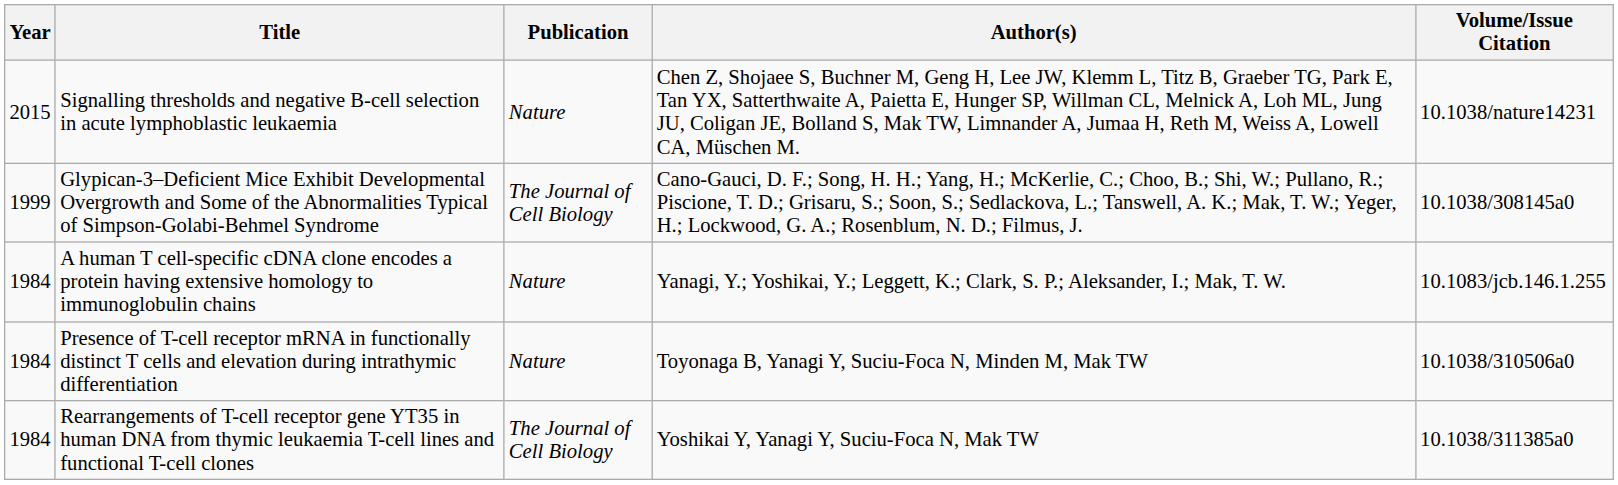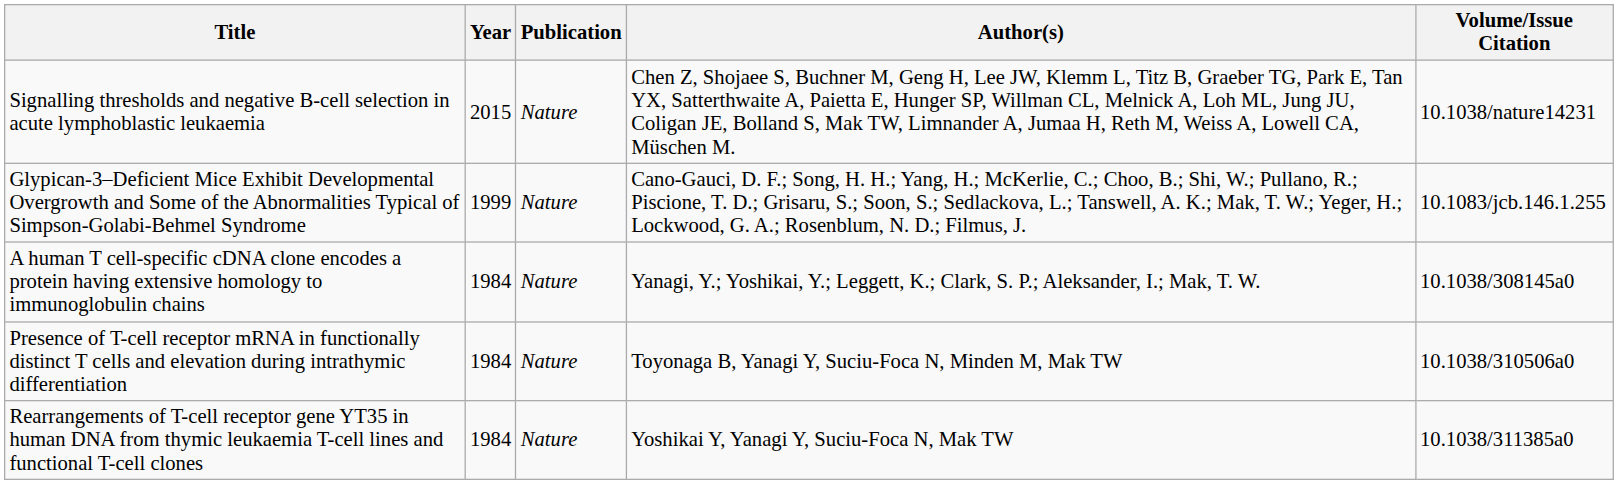 <table class=wikitable>
 <tr>
+<th>Title</th>
 <th>Year</th>
-<th>Title</th>
 <th>Publication</th>
 <th>Author(s)</th>
 <th>Volume/Issue Citation</th>
 </tr>
 <tr>
+<td>Signalling thresholds and negative B-cell selection in acute lymphoblastic leukaemia</td>
 <td>2015</td>
-<td>Signalling thresholds and negative B-cell selection in acute lymphoblastic leukaemia</td>
 <td><em>Nature</em></td>
 <td>Chen Z, Shojaee S, Buchner M, Geng H, Lee JW, Klemm L, Titz B, Graeber TG, Park E, Tan YX, Satterthwaite A, Paietta E, Hunger SP, Willman CL, Melnick A, Loh ML, Jung JU, Coligan JE, Bolland S, Mak TW, Limnander A, Jumaa H, Reth M, Weiss A, Lowell CA, Müschen M.</td>
 <td>10.1038/nature14231</td>
 </tr>
 <tr>
+<td>Glypican-3–Deficient Mice Exhibit Developmental Overgrowth and Some of the Abnormalities Typical of Simpson-Golabi-Behmel Syndrome</td>
 <td>1999</td>
-<td>Glypican-3–Deficient Mice Exhibit Developmental Overgrowth and Some of the Abnormalities Typical of Simpson-Golabi-Behmel Syndrome</td>
-<td><em>The Journal of Cell Biology</em></td>
+<td><em>Nature</em></td>
 <td>Cano-Gauci, D. F.; Song, H. H.; Yang, H.; McKerlie, C.; Choo, B.; Shi, W.; Pullano, R.; Piscione, T. D.; Grisaru, S.; Soon, S.; Sedlackova, L.; Tanswell, A. K.; Mak, T. W.; Yeger, H.; Lockwood, G. A.; Rosenblum, N. D.; Filmus, J.</td>
+<td>10.1083/jcb.146.1.255</td>
+</tr>
+<tr>
+<td>A human T cell-specific cDNA clone encodes a protein having extensive homology to immunoglobulin chains</td>
+<td>1984</td>
+<td><em>Nature</em></td>
+<td>Yanagi, Y.; Yoshikai, Y.; Leggett, K.; Clark, S. P.; Aleksander, I.; Mak, T. W.</td>
 <td>10.1038/308145a0</td>
 </tr>
 <tr>
+<td>Presence of T-cell receptor mRNA in functionally distinct T cells and elevation during intrathymic differentiation</td>
 <td>1984</td>
-<td>A human T cell-specific cDNA clone encodes a protein having extensive homology to immunoglobulin chains</td>
-<td><em>Nature</em></td>
-<td>Yanagi, Y.; Yoshikai, Y.; Leggett, K.; Clark, S. P.; Aleksander, I.; Mak, T. W.</td>
-<td>10.1083/jcb.146.1.255</td>
-</tr>
-<tr>
-<td>1984</td>
-<td>Presence of T-cell receptor mRNA in functionally distinct T cells and elevation during intrathymic differentiation</td>
 <td><em>Nature</em></td>
 <td>Toyonaga B, Yanagi Y, Suciu-Foca N, Minden M, Mak TW</td>
 <td>10.1038/310506a0</td>
 </tr>
 <tr>
+<td>Rearrangements of T-cell receptor gene YT35 in human DNA from thymic leukaemia T-cell lines and functional T-cell clones</td>
 <td>1984</td>
-<td>Rearrangements of T-cell receptor gene YT35 in human DNA from thymic leukaemia T-cell lines and functional T-cell clones</td>
-<td><em>The Journal of Cell Biology</em></td>
+<td><em>Nature</em></td>
 <td>Yoshikai Y, Yanagi Y, Suciu-Foca N, Mak TW</td>
 <td>10.1038/311385a0</td>
 </tr>
 </table>
